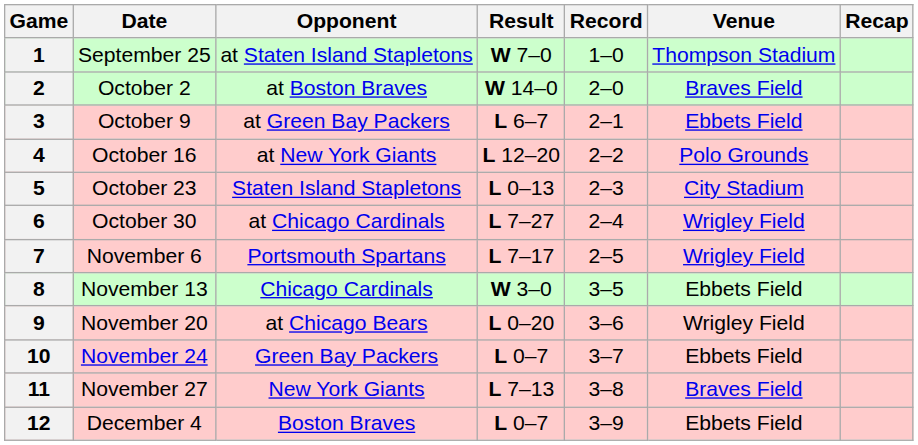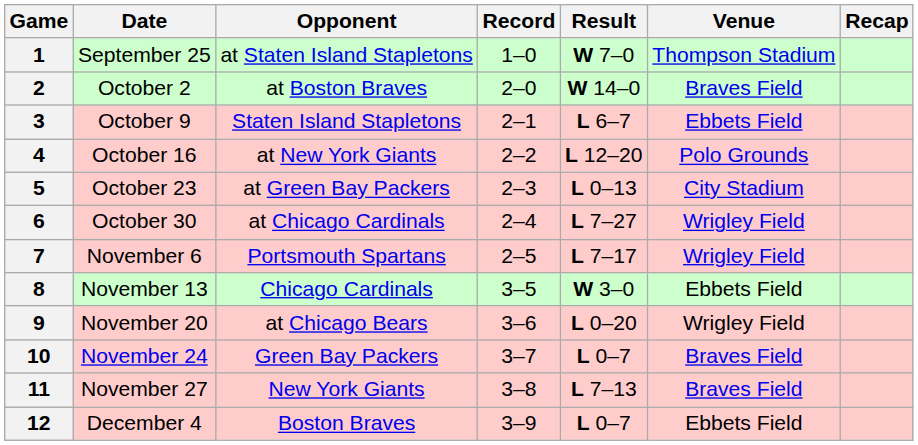 <table class="wikitable" style="text-align:center">
 <tr>
 <th>Game</th>
 <th>Date</th>
 <th>Opponent</th>
+<th>Record</th>
 <th>Result</th>
-<th>Record</th>
 <th>Venue</th>
 <th>Recap</th>
 </tr>
 <tr style="background:#cfc">
 <th>1</th>
 <td>September 25</td>
 <td>at <a href='#'>Staten Island Stapletons</a></td>
+<td>1–0</td>
 <td><strong>W</strong> 7–0</td>
-<td>1–0</td>
 <td><a href='#'>Thompson Stadium</a></td>
 <td></td>
 </tr>
 <tr style="background:#cfc">
 <th>2</th>
 <td>October 2</td>
 <td>at <a href='#'>Boston Braves</a></td>
+<td>2–0</td>
 <td><strong>W</strong> 14–0</td>
-<td>2–0</td>
 <td><a href='#'>Braves Field</a></td>
 <td></td>
 </tr>
 <tr style="background:#fcc">
 <th>3</th>
 <td>October 9</td>
-<td>at <a href='#'>Green Bay Packers</a></td>
+<td><a href='#'>Staten Island Stapletons</a></td>
+<td>2–1</td>
 <td><strong>L</strong> 6–7</td>
-<td>2–1</td>
 <td><a href='#'>Ebbets Field</a></td>
 <td></td>
 </tr>
 <tr style="background:#fcc">
 <th>4</th>
 <td>October 16</td>
 <td>at <a href='#'>New York Giants</a></td>
+<td>2–2</td>
 <td><strong>L</strong> 12–20</td>
-<td>2–2</td>
 <td><a href='#'>Polo Grounds</a></td>
 <td></td>
 </tr>
 <tr style="background:#fcc">
 <th>5</th>
 <td>October 23</td>
-<td><a href='#'>Staten Island Stapletons</a></td>
+<td>at <a href='#'>Green Bay Packers</a></td>
+<td>2–3</td>
 <td><strong>L</strong> 0–13</td>
-<td>2–3</td>
 <td><a href='#'>City Stadium</a></td>
 <td></td>
 </tr>
 <tr style="background:#fcc">
 <th>6</th>
 <td>October 30</td>
 <td>at <a href='#'>Chicago Cardinals</a></td>
+<td>2–4</td>
 <td><strong>L</strong> 7–27</td>
-<td>2–4</td>
 <td><a href='#'>Wrigley Field</a></td>
 <td></td>
 </tr>
 <tr style="background:#fcc">
 <th>7</th>
 <td>November 6</td>
 <td><a href='#'>Portsmouth Spartans</a></td>
+<td>2–5</td>
 <td><strong>L</strong> 7–17</td>
-<td>2–5</td>
 <td><a href='#'>Wrigley Field</a></td>
 <td></td>
 </tr>
 <tr style="background:#cfc">
 <th>8</th>
 <td>November 13</td>
 <td><a href='#'>Chicago Cardinals</a></td>
+<td>3–5</td>
 <td><strong>W</strong> 3–0</td>
-<td>3–5</td>
 <td>Ebbets Field</td>
 <td></td>
 </tr>
 <tr style="background:#fcc">
 <th>9</th>
 <td>November 20</td>
 <td>at <a href='#'>Chicago Bears</a></td>
+<td>3–6</td>
 <td><strong>L</strong> 0–20</td>
-<td>3–6</td>
 <td>Wrigley Field</td>
 <td></td>
 </tr>
 <tr style="background:#fcc">
 <th>10</th>
 <td><a href='#'>November 24</a></td>
 <td><a href='#'>Green Bay Packers</a></td>
+<td>3–7</td>
 <td><strong>L</strong> 0–7</td>
-<td>3–7</td>
-<td>Ebbets Field</td>
+<td><a href='#'>Braves Field</a></td>
 <td></td>
 </tr>
 <tr style="background:#fcc">
 <th>11</th>
 <td>November 27</td>
 <td><a href='#'>New York Giants</a></td>
+<td>3–8</td>
 <td><strong>L</strong> 7–13</td>
-<td>3–8</td>
 <td><a href='#'>Braves Field</a></td>
 <td></td>
 </tr>
 <tr style="background:#fcc">
 <th>12</th>
 <td>December 4</td>
 <td><a href='#'>Boston Braves</a></td>
+<td>3–9</td>
 <td><strong>L</strong> 0–7</td>
-<td>3–9</td>
 <td>Ebbets Field</td>
 <td></td>
 </tr>
 </table>
